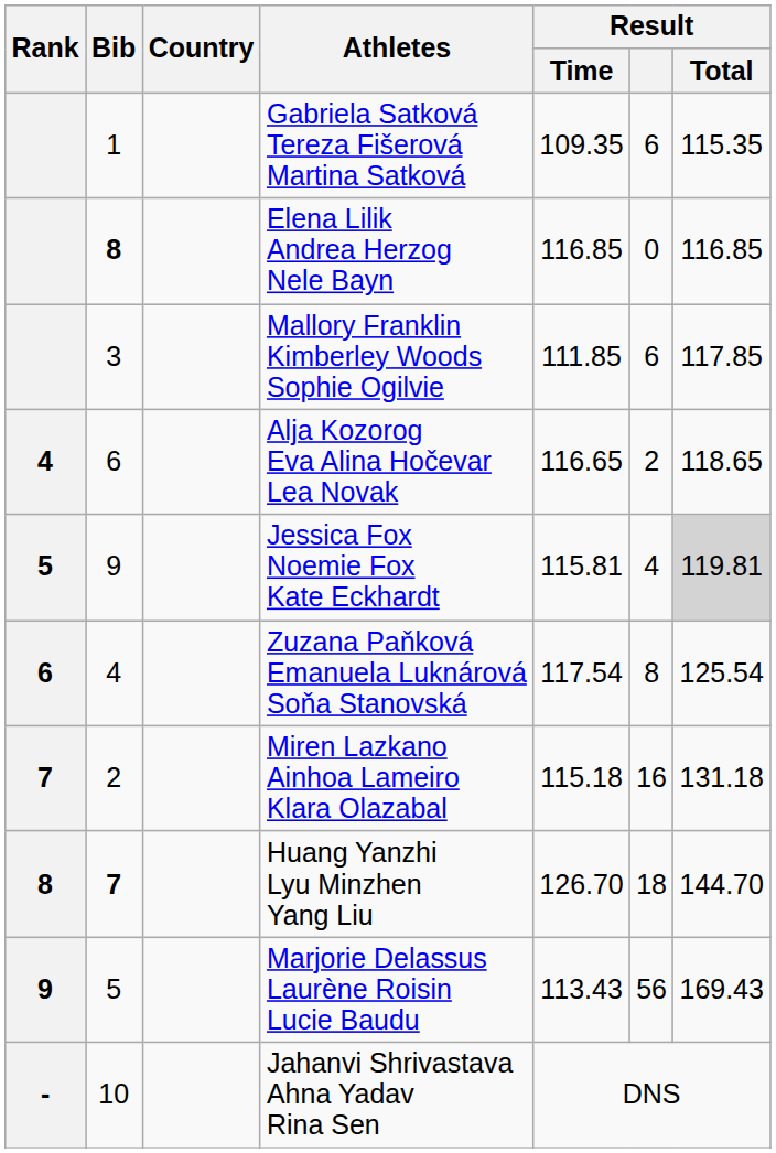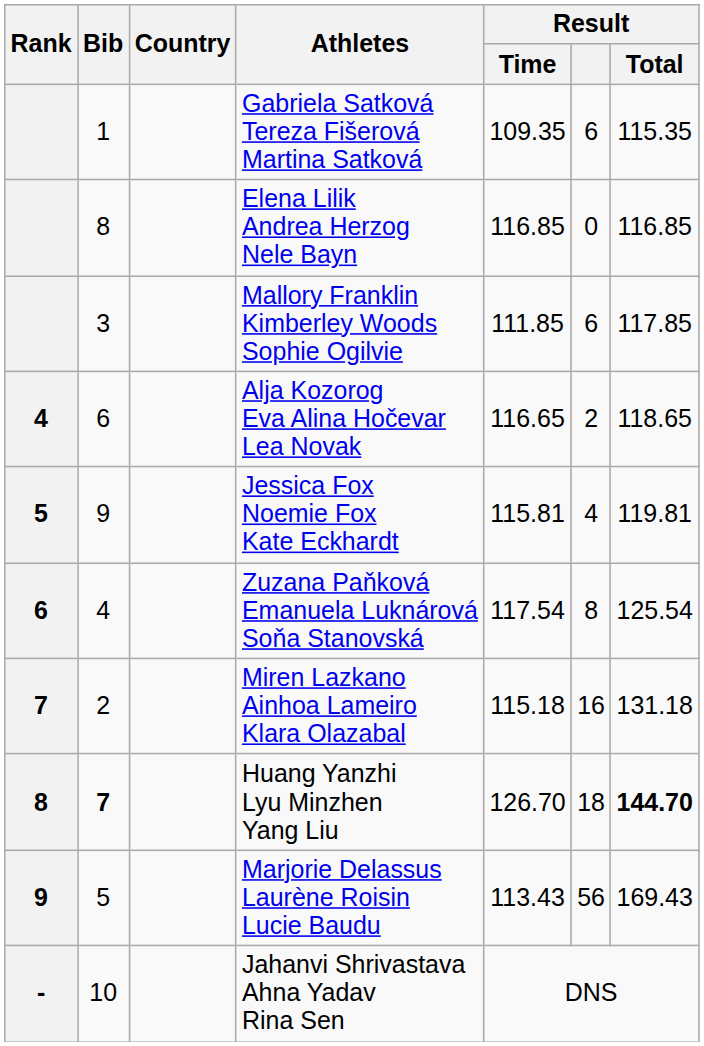 <table class="wikitable" style="text-align:center">
 <tr>
 <th rowspan=2>Rank</th>
 <th rowspan=2>Bib</th>
 <th rowspan=2>Country</th>
 <th rowspan=2>Athletes</th>
 <th colspan=3>Result</th>
 </tr>
 <tr>
 <th>Time</th>
 <th></th>
 <th>Total</th>
 </tr>
 <tr>
 <th></th>
 <td>1</td>
 <td align=left></td>
 <td align=left><a href='#'>Gabriela Satková</a><br><a href='#'>Tereza Fišerová</a><br><a href='#'>Martina Satková</a></td>
 <td>109.35</td>
 <td>6</td>
 <td>115.35</td>
 </tr>
 <tr>
 <th></th>
-<td><strong>8</strong></td>
+<td>8</td>
 <td align=left></td>
 <td align=left><a href='#'>Elena Lilik</a><br><a href='#'>Andrea Herzog</a><br><a href='#'>Nele Bayn</a></td>
 <td>116.85</td>
 <td>0</td>
 <td>116.85</td>
 </tr>
 <tr>
 <th></th>
 <td>3</td>
 <td align=left></td>
 <td align=left><a href='#'>Mallory Franklin</a><br><a href='#'>Kimberley Woods</a><br><a href='#'>Sophie Ogilvie</a></td>
 <td>111.85</td>
 <td>6</td>
 <td>117.85</td>
 </tr>
 <tr>
 <th>4</th>
 <td>6</td>
 <td align=left></td>
 <td align=left><a href='#'>Alja Kozorog</a><br><a href='#'>Eva Alina Hočevar</a><br><a href='#'>Lea Novak</a></td>
 <td>116.65</td>
 <td>2</td>
 <td>118.65</td>
 </tr>
 <tr>
 <th>5</th>
 <td>9</td>
 <td align=left></td>
 <td align=left><a href='#'>Jessica Fox</a><br><a href='#'>Noemie Fox</a><br><a href='#'>Kate Eckhardt</a></td>
 <td>115.81</td>
 <td>4</td>
-<td style="background: lightgrey;">119.81</td>
+<td>119.81</td>
 </tr>
 <tr>
 <th>6</th>
 <td>4</td>
 <td align=left></td>
 <td align=left><a href='#'>Zuzana Paňková</a><br><a href='#'>Emanuela Luknárová</a><br><a href='#'>Soňa Stanovská</a></td>
 <td>117.54</td>
 <td>8</td>
 <td>125.54</td>
 </tr>
 <tr>
 <th>7</th>
 <td>2</td>
 <td align=left></td>
 <td align=left><a href='#'>Miren Lazkano</a><br><a href='#'>Ainhoa Lameiro</a><br><a href='#'>Klara Olazabal</a></td>
 <td>115.18</td>
 <td>16</td>
 <td>131.18</td>
 </tr>
 <tr>
 <th>8</th>
 <td><strong>7</strong></td>
 <td align=left></td>
 <td align=left>Huang Yanzhi<br>Lyu Minzhen<br>Yang Liu</td>
 <td>126.70</td>
 <td>18</td>
-<td>144.70</td>
+<td><strong>144.70</strong></td>
 </tr>
 <tr>
 <th>9</th>
 <td>5</td>
 <td align=left></td>
 <td align=left><a href='#'>Marjorie Delassus</a><br><a href='#'>Laurène Roisin</a><br><a href='#'>Lucie Baudu</a></td>
 <td>113.43</td>
 <td>56</td>
 <td>169.43</td>
 </tr>
 <tr>
 <th>-</th>
 <td>10</td>
 <td align=left></td>
 <td align=left>Jahanvi Shrivastava<br>Ahna Yadav<br>Rina Sen</td>
 <td colspan=3>DNS</td>
 </tr>
 </table>
